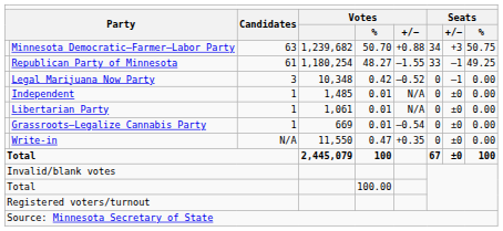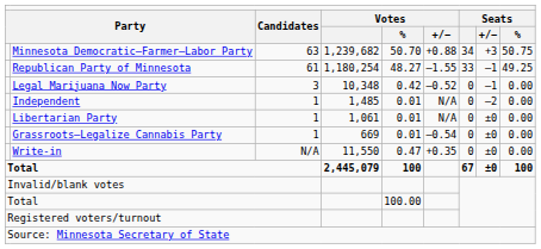 <table class="wikitable">
 <tr>
 <td colspan="9"></td>
 </tr>
 <tr>
 <th colspan="2" rowspan="2">Party</th>
 <th rowspan="2">Candidates</th>
 <th colspan="3">Votes</th>
 <th colspan="3">Seats</th>
 </tr>
 <tr>
 <th></th>
 <th>%</th>
 <th>+/−</th>
 <th></th>
 <th>+/−</th>
 <th>%</th>
 </tr>
 <tr>
 <td style="background-color:"></td>
 <td><a href='#'>Minnesota Democratic–Farmer–Labor Party</a></td>
 <td align="right">63</td>
 <td align="right">1,239,682</td>
 <td align="right">50.70</td>
 <td align="right">+0.88</td>
 <td align="right">34</td>
 <td align="right">+3</td>
 <td align="right">50.75</td>
 </tr>
 <tr>
 <td style="background-color:"></td>
 <td><a href='#'>Republican Party of Minnesota</a></td>
 <td align="right">61</td>
 <td align="right">1,180,254</td>
 <td align="right">48.27</td>
 <td align="right">–1.55</td>
 <td align="right">33</td>
 <td align="right">–1</td>
 <td align="right">49.25</td>
 </tr>
 <tr>
 <td style="background-color:"></td>
 <td><a href='#'>Legal Marijuana Now Party</a></td>
 <td align="right">3</td>
 <td align="right">10,348</td>
 <td align="right">0.42</td>
 <td align="right">–0.52</td>
 <td align="right">0</td>
 <td align="right">–1</td>
 <td align="right">0.00</td>
 </tr>
 <tr>
 <td style="background-color:"></td>
 <td><a href='#'>Independent</a></td>
 <td align="right">1</td>
 <td align="right">1,485</td>
 <td align="right">0.01</td>
 <td align="right">N/A</td>
 <td align="right">0</td>
-<td align="right">±0</td>
+<td align="right">–2</td>
 <td align="right">0.00</td>
 </tr>
 <tr>
 <td style="background-color:"></td>
 <td><a href='#'>Libertarian Party</a></td>
 <td align="right">1</td>
 <td align="right">1,061</td>
 <td align="right">0.01</td>
 <td align="right">N/A</td>
 <td align="right">0</td>
 <td align="right">±0</td>
 <td align="right">0.00</td>
 </tr>
 <tr>
 <td style="background-color:"></td>
 <td><a href='#'>Grassroots–Legalize Cannabis Party</a></td>
 <td align="right">1</td>
 <td align="right">669</td>
 <td align="right">0.01</td>
 <td align="right">–0.54</td>
 <td align="right">0</td>
 <td align="right">±0</td>
 <td align="right">0.00</td>
 </tr>
 <tr>
 <td style="background-color:"></td>
 <td><a href='#'>Write-in</a></td>
 <td align="right">N/A</td>
 <td align="right">11,550</td>
 <td align="right">0.47</td>
 <td align="right">+0.35</td>
 <td align="right">0</td>
 <td align="right">±0</td>
 <td align="right">0.00</td>
 </tr>
 <tr>
 <td colspan="3"><strong>Total</strong></td>
 <td style="font-weight:bold" align="right">2,445,079</td>
 <td style="font-weight:bold" align="right">100</td>
 <td style="font-weight:bold" align="right"></td>
 <td style="font-weight:bold" align="right">67</td>
 <td style="font-weight:bold" align="right">±0</td>
 <td style="font-weight:bold" align="right">100</td>
 </tr>
 <tr>
 <td colspan="3">Invalid/blank votes</td>
 <td align="right"></td>
 <td align="right"></td>
 <td align="right"></td>
 <td colspan="3" rowspan="3"></td>
 </tr>
 <tr>
 <td colspan="3">Total</td>
 <td align="right"></td>
 <td align="right">100.00</td>
 <td align="right"></td>
 </tr>
 <tr>
 <td colspan="3">Registered voters/turnout</td>
 <td align="right"></td>
 <td align="right"></td>
 <td align="right"></td>
 </tr>
 <tr>
 <td colspan="9">Source: <a href='#'>Minnesota Secretary of State</a></td>
 </tr>
 </table>
